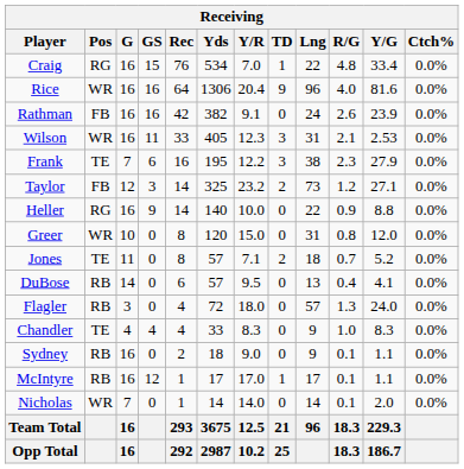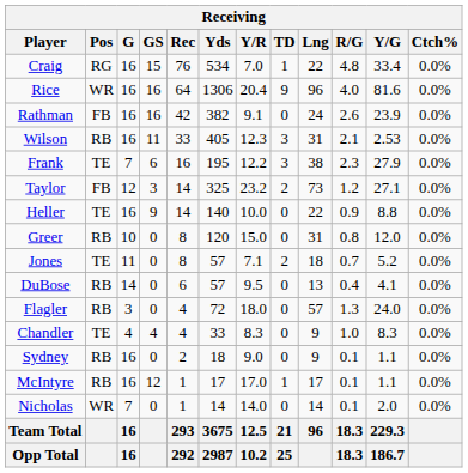 <table class="wikitable" style="text-align:center">
 <tr>
 <th colspan="12">Receiving</th>
 </tr>
 <tr>
 <th>Player</th>
 <th>Pos</th>
 <th>G</th>
 <th>GS</th>
 <th>Rec</th>
 <th>Yds</th>
 <th>Y/R</th>
 <th>TD</th>
 <th>Lng</th>
 <th>R/G</th>
 <th>Y/G</th>
 <th>Ctch%</th>
 </tr>
 <tr>
 <td><a href='#'>Craig</a></td>
 <td>RG</td>
 <td>16</td>
 <td>15</td>
 <td>76</td>
 <td>534</td>
 <td>7.0</td>
 <td>1</td>
 <td>22</td>
 <td>4.8</td>
 <td>33.4</td>
 <td>0.0%</td>
 </tr>
 <tr>
 <td><a href='#'>Rice</a></td>
 <td>WR</td>
 <td>16</td>
 <td>16</td>
 <td>64</td>
 <td>1306</td>
 <td>20.4</td>
 <td>9</td>
 <td>96</td>
 <td>4.0</td>
 <td>81.6</td>
 <td>0.0%</td>
 </tr>
 <tr>
 <td><a href='#'>Rathman</a></td>
 <td>FB</td>
 <td>16</td>
 <td>16</td>
 <td>42</td>
 <td>382</td>
 <td>9.1</td>
 <td>0</td>
 <td>24</td>
 <td>2.6</td>
 <td>23.9</td>
 <td>0.0%</td>
 </tr>
 <tr>
 <td><a href='#'>Wilson</a></td>
-<td>WR</td>
+<td>RB</td>
 <td>16</td>
 <td>11</td>
 <td>33</td>
 <td>405</td>
 <td>12.3</td>
 <td>3</td>
 <td>31</td>
 <td>2.1</td>
 <td>2.53</td>
 <td>0.0%</td>
 </tr>
 <tr>
 <td><a href='#'>Frank</a></td>
 <td>TE</td>
 <td>7</td>
 <td>6</td>
 <td>16</td>
 <td>195</td>
 <td>12.2</td>
 <td>3</td>
 <td>38</td>
 <td>2.3</td>
 <td>27.9</td>
 <td>0.0%</td>
 </tr>
 <tr>
 <td><a href='#'>Taylor</a></td>
 <td>FB</td>
 <td>12</td>
 <td>3</td>
 <td>14</td>
 <td>325</td>
 <td>23.2</td>
 <td>2</td>
 <td>73</td>
 <td>1.2</td>
 <td>27.1</td>
 <td>0.0%</td>
 </tr>
 <tr>
 <td><a href='#'>Heller</a></td>
-<td>RG</td>
+<td>TE</td>
 <td>16</td>
 <td>9</td>
 <td>14</td>
 <td>140</td>
 <td>10.0</td>
 <td>0</td>
 <td>22</td>
 <td>0.9</td>
 <td>8.8</td>
 <td>0.0%</td>
 </tr>
 <tr>
 <td><a href='#'>Greer</a></td>
-<td>WR</td>
+<td>RB</td>
 <td>10</td>
 <td>0</td>
 <td>8</td>
 <td>120</td>
 <td>15.0</td>
 <td>0</td>
 <td>31</td>
 <td>0.8</td>
 <td>12.0</td>
 <td>0.0%</td>
 </tr>
 <tr>
 <td><a href='#'>Jones</a></td>
 <td>TE</td>
 <td>11</td>
 <td>0</td>
 <td>8</td>
 <td>57</td>
 <td>7.1</td>
 <td>2</td>
 <td>18</td>
 <td>0.7</td>
 <td>5.2</td>
 <td>0.0%</td>
 </tr>
 <tr>
 <td><a href='#'>DuBose</a></td>
 <td>RB</td>
 <td>14</td>
 <td>0</td>
 <td>6</td>
 <td>57</td>
 <td>9.5</td>
 <td>0</td>
 <td>13</td>
 <td>0.4</td>
 <td>4.1</td>
 <td>0.0%</td>
 </tr>
 <tr>
 <td><a href='#'>Flagler</a></td>
 <td>RB</td>
 <td>3</td>
 <td>0</td>
 <td>4</td>
 <td>72</td>
 <td>18.0</td>
 <td>0</td>
 <td>57</td>
 <td>1.3</td>
 <td>24.0</td>
 <td>0.0%</td>
 </tr>
 <tr>
 <td><a href='#'>Chandler</a></td>
 <td>TE</td>
 <td>4</td>
 <td>4</td>
 <td>4</td>
 <td>33</td>
 <td>8.3</td>
 <td>0</td>
 <td>9</td>
 <td>1.0</td>
 <td>8.3</td>
 <td>0.0%</td>
 </tr>
 <tr>
 <td><a href='#'>Sydney</a></td>
 <td>RB</td>
 <td>16</td>
 <td>0</td>
 <td>2</td>
 <td>18</td>
 <td>9.0</td>
 <td>0</td>
 <td>9</td>
 <td>0.1</td>
 <td>1.1</td>
 <td>0.0%</td>
 </tr>
 <tr>
 <td><a href='#'>McIntyre</a></td>
 <td>RB</td>
 <td>16</td>
 <td>12</td>
 <td>1</td>
 <td>17</td>
 <td>17.0</td>
 <td>1</td>
 <td>17</td>
 <td>0.1</td>
 <td>1.1</td>
 <td>0.0%</td>
 </tr>
 <tr>
 <td><a href='#'>Nicholas</a></td>
 <td>WR</td>
 <td>7</td>
 <td>0</td>
 <td>1</td>
 <td>14</td>
 <td>14.0</td>
 <td>0</td>
 <td>14</td>
 <td>0.1</td>
 <td>2.0</td>
 <td>0.0%</td>
 </tr>
 <tr>
 <th>Team Total</th>
 <th></th>
 <th>16</th>
 <th></th>
 <th>293</th>
 <th>3675</th>
 <th>12.5</th>
 <th>21</th>
 <th>96</th>
 <th>18.3</th>
 <th>229.3</th>
 <th></th>
 </tr>
 <tr>
 <th>Opp Total</th>
 <th></th>
 <th>16</th>
 <th></th>
 <th>292</th>
 <th>2987</th>
 <th>10.2</th>
 <th>25</th>
 <th></th>
 <th>18.3</th>
 <th>186.7</th>
 <th></th>
 </tr>
 </table>
